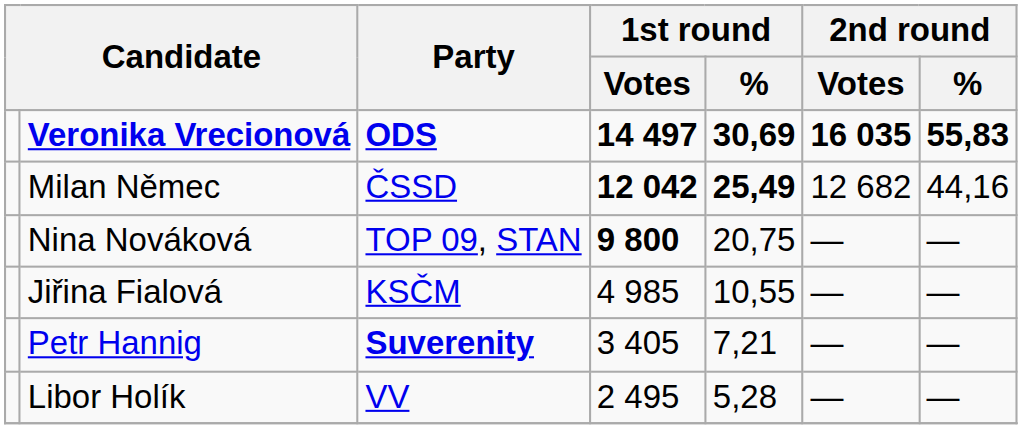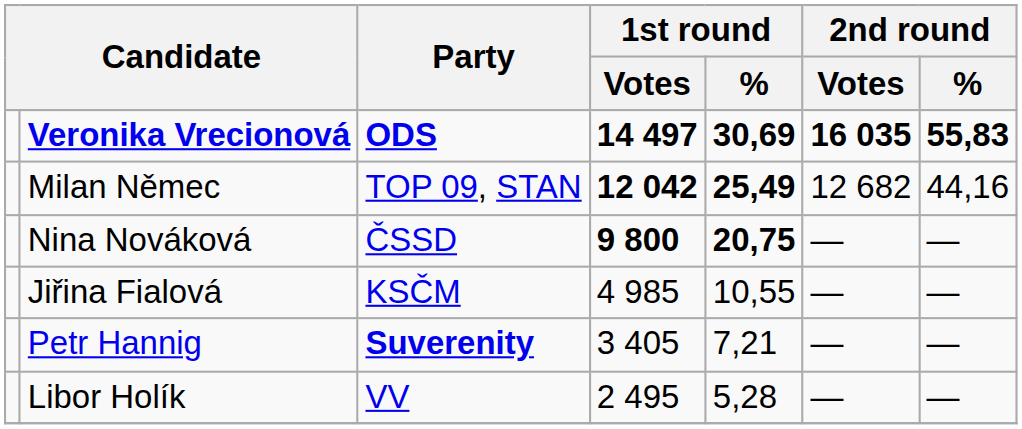 <table class="wikitable sortable">
 <tr>
 <th colspan="2" rowspan="2">Candidate</th>
 <th rowspan="2">Party</th>
 <th colspan="2">1st round</th>
 <th colspan="2">2nd round</th>
 </tr>
 <tr>
 <th>Votes</th>
 <th>%</th>
 <th>Votes</th>
 <th>%</th>
 </tr>
 <tr>
 <td style="background-color:"></td>
 <td><strong><a href='#'>Veronika Vrecionová</a></strong></td>
 <td><a href='#'><strong>ODS</strong></a></td>
 <td><strong>14 497</strong></td>
 <td><strong>30,69</strong></td>
 <td><strong>16 035</strong></td>
 <td><strong>55,83</strong></td>
 </tr>
 <tr>
 <td style="background-color:"></td>
 <td>Milan Němec</td>
-<td><a href='#'>ČSSD</a></td>
+<td><a href='#'>TOP 09</a>, <a href='#'>STAN</a></td>
 <td><strong>12 042</strong></td>
 <td><strong>25,49</strong></td>
 <td>12 682</td>
 <td>44,16</td>
 </tr>
 <tr>
 <td style="background-color:"></td>
 <td>Nina Nováková</td>
-<td><a href='#'>TOP 09</a>, <a href='#'>STAN</a></td>
+<td><a href='#'>ČSSD</a></td>
 <td><strong>9 800</strong></td>
-<td>20,75</td>
+<td><strong>20,75</strong></td>
 <td>—</td>
 <td>—</td>
 </tr>
 <tr>
 <td style="background-color:"></td>
 <td>Jiřina Fialová</td>
 <td><a href='#'>KSČM</a></td>
 <td>4 985</td>
 <td>10,55</td>
 <td>—</td>
 <td>—</td>
 </tr>
 <tr>
 <td style="background-color:"></td>
 <td><a href='#'>Petr Hannig</a></td>
 <td><strong><a href='#'>Suverenity</a></strong></td>
 <td>3 405</td>
 <td>7,21</td>
 <td>—</td>
 <td>—</td>
 </tr>
 <tr>
 <td style="background-color:"></td>
 <td>Libor Holík</td>
 <td><a href='#'>VV</a></td>
 <td>2 495</td>
 <td>5,28</td>
 <td>—</td>
 <td>—</td>
 </tr>
 <tr>
 </tr>
 </table>
